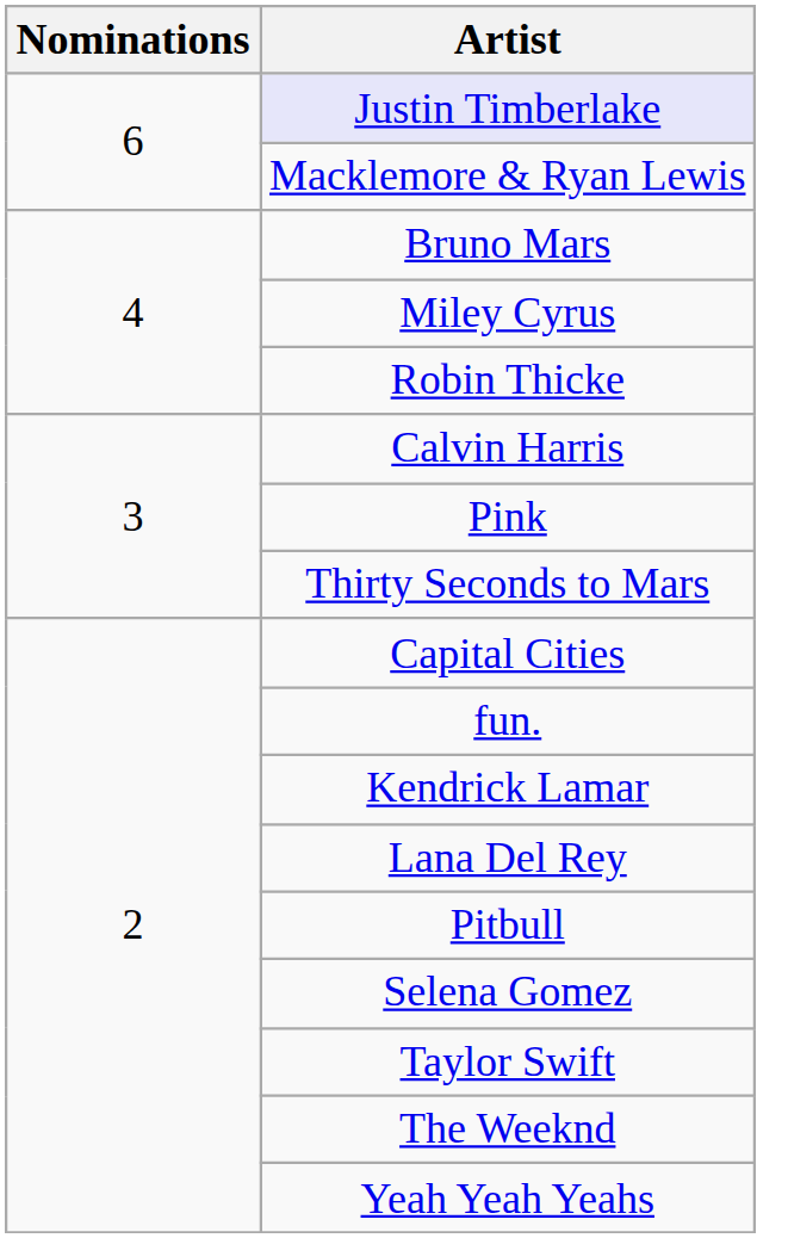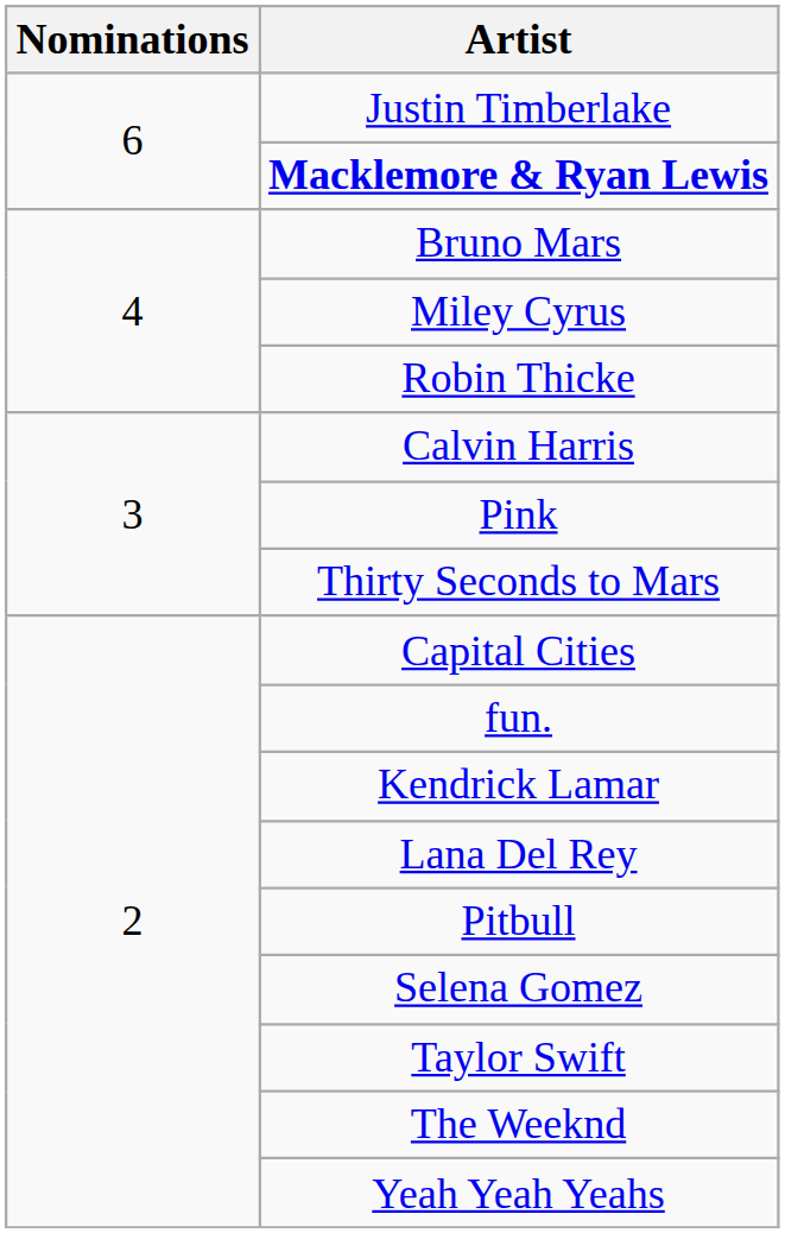 <table class="wikitable" rowspan="2" style="text-align:center">
 <tr>
 <th scope="col" style="width:55px;">Nominations</th>
 <th scope="col" style="text-align:center;">Artist</th>
 </tr>
 <tr>
 <td rowspan="2" style="text-align:center">6</td>
-<td style="background: lavender;"><a href='#'>Justin Timberlake</a></td>
+<td><a href='#'>Justin Timberlake</a></td>
 </tr>
 <tr>
-<td><a href='#'>Macklemore & Ryan Lewis</a></td>
+<td><strong><a href='#'>Macklemore & Ryan Lewis</a></strong></td>
 </tr>
 <tr>
 <td rowspan="3" style="text-align:center">4</td>
 <td><a href='#'>Bruno Mars</a></td>
 </tr>
 <tr>
 <td><a href='#'>Miley Cyrus</a></td>
 </tr>
 <tr>
 <td><a href='#'>Robin Thicke</a></td>
 </tr>
 <tr>
 <td rowspan="3" style="text-align:center">3</td>
 <td><a href='#'>Calvin Harris</a></td>
 </tr>
 <tr>
 <td><a href='#'>Pink</a></td>
 </tr>
 <tr>
 <td><a href='#'>Thirty Seconds to Mars</a></td>
 </tr>
 <tr>
 <td rowspan="9" style="text-align:center">2</td>
 <td><a href='#'>Capital Cities</a></td>
 </tr>
 <tr>
 <td><a href='#'>fun.</a></td>
 </tr>
 <tr>
 <td><a href='#'>Kendrick Lamar</a></td>
 </tr>
 <tr>
 <td><a href='#'>Lana Del Rey</a></td>
 </tr>
 <tr>
 <td><a href='#'>Pitbull</a></td>
 </tr>
 <tr>
 <td><a href='#'>Selena Gomez</a></td>
 </tr>
 <tr>
 <td><a href='#'>Taylor Swift</a></td>
 </tr>
 <tr>
 <td><a href='#'>The Weeknd</a></td>
 </tr>
 <tr>
 <td><a href='#'>Yeah Yeah Yeahs</a></td>
 </tr>
 </table>
